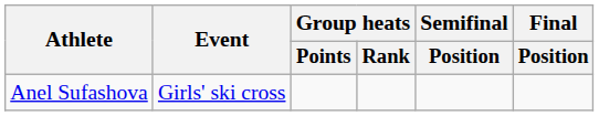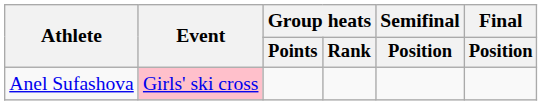 <table class="wikitable" style="font-size:90%">
 <tr>
 <th rowspan="2">Athlete</th>
 <th rowspan="2">Event</th>
 <th colspan=2>Group heats</th>
 <th>Semifinal</th>
 <th>Final</th>
 </tr>
 <tr style="font-size:95%">
 <th>Points</th>
 <th>Rank</th>
 <th>Position</th>
 <th>Position</th>
 </tr>
 <tr align=center>
 <td align=left><a href='#'>Anel Sufashova</a></td>
-<td align=left><a href='#'>Girls' ski cross</a></td>
+<td align=left style="background: pink;"><a href='#'>Girls' ski cross</a></td>
 <td></td>
 <td></td>
 <td></td>
 <td></td>
 </tr>
 </table>
